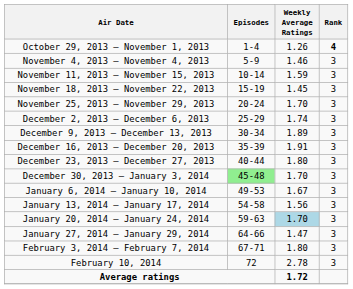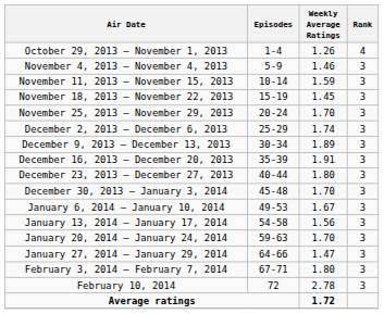 <table class="wikitable" style="text-align:center;width:40%;">
 <tr>
 <th width="45%"><small>Air Date</small></th>
 <th width="5%"><small>Episodes</small></th>
 <th width="6%"><small>Weekly Average Ratings</small></th>
 <th width="4%"><small>Rank</small></th>
 </tr>
 <tr>
 <td>October 29, 2013 – November 1, 2013</td>
 <td>1-4</td>
 <td>1.26</td>
-<td><strong>4</strong></td>
+<td>4</td>
 </tr>
 <tr>
 <td>November 4, 2013 – November 4, 2013</td>
 <td>5-9</td>
 <td>1.46</td>
 <td>3</td>
 </tr>
 <tr>
 <td>November 11, 2013 – November 15, 2013</td>
 <td>10-14</td>
 <td>1.59</td>
 <td>3</td>
 </tr>
 <tr>
 <td>November 18, 2013 – November 22, 2013</td>
 <td>15-19</td>
 <td>1.45</td>
 <td>3</td>
 </tr>
 <tr>
 <td>November 25, 2013 – November 29, 2013</td>
 <td>20-24</td>
 <td>1.70</td>
 <td>3</td>
 </tr>
 <tr>
 <td>December 2, 2013 – December 6, 2013</td>
 <td>25-29</td>
 <td>1.74</td>
 <td>3</td>
 </tr>
 <tr>
 <td>December 9, 2013 – December 13, 2013</td>
 <td>30-34</td>
 <td>1.89</td>
 <td>3</td>
 </tr>
 <tr>
 <td>December 16, 2013 – December 20, 2013</td>
 <td>35-39</td>
 <td>1.91</td>
 <td>3</td>
 </tr>
 <tr>
 <td>December 23, 2013 – December 27, 2013</td>
 <td>40-44</td>
 <td>1.80</td>
 <td>3</td>
 </tr>
 <tr>
 <td>December 30, 2013 – January 3, 2014</td>
-<td style="background: lightgreen;">45-48</td>
+<td>45-48</td>
 <td>1.70</td>
 <td>3</td>
 </tr>
 <tr>
 <td>January 6, 2014 – January 10, 2014</td>
 <td>49-53</td>
 <td>1.67</td>
 <td>3</td>
 </tr>
 <tr>
 <td>January 13, 2014 – January 17, 2014</td>
 <td>54-58</td>
 <td>1.56</td>
 <td>3</td>
 </tr>
 <tr>
 <td>January 20, 2014 – January 24, 2014</td>
 <td>59-63</td>
-<td style="background: lightblue;">1.70</td>
+<td>1.70</td>
 <td>3</td>
 </tr>
 <tr>
 <td>January 27, 2014 – January 29, 2014</td>
 <td>64-66</td>
 <td>1.47</td>
 <td>3</td>
 </tr>
 <tr>
 <td>February 3, 2014 – February 7, 2014</td>
 <td>67-71</td>
 <td>1.80</td>
 <td>3</td>
 </tr>
 <tr>
 <td>February 10, 2014</td>
 <td>72</td>
 <td>2.78</td>
 <td>3</td>
 </tr>
 <tr>
 <td colspan=2><strong>Average ratings</strong></td>
 <td><strong>1.72</strong></td>
 <td></td>
 </tr>
 <tr>
 </tr>
 </table>
